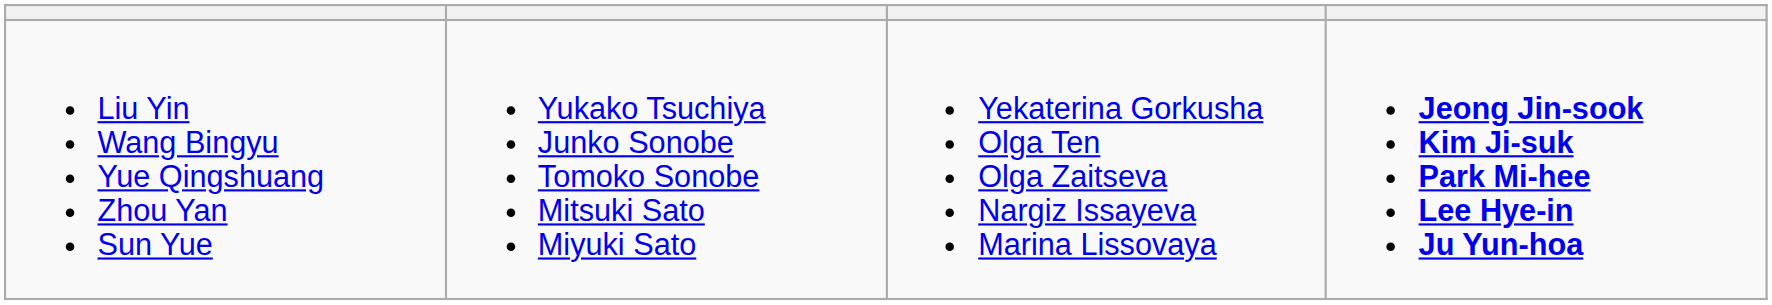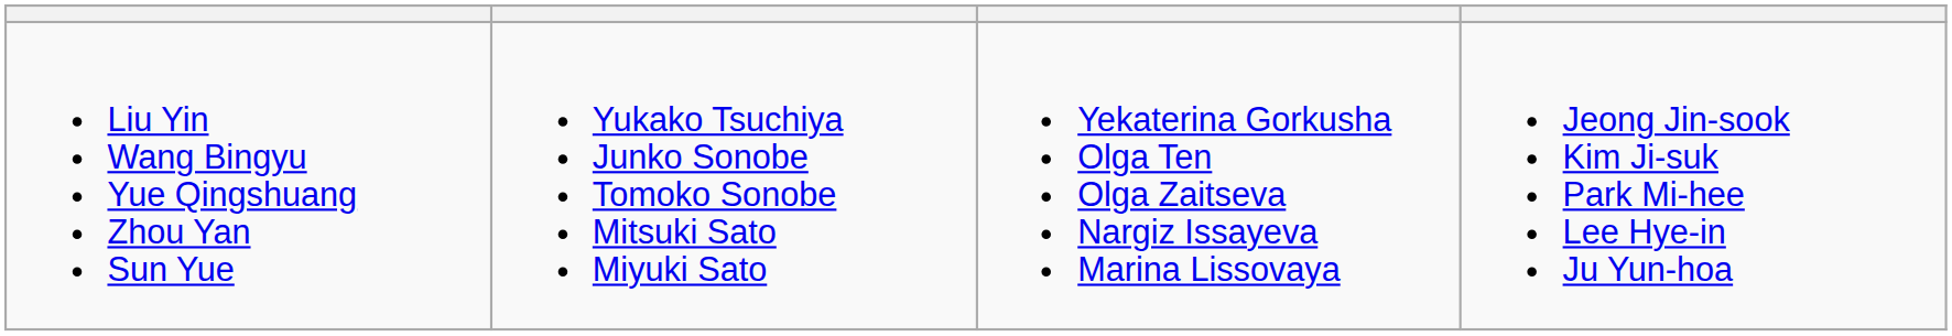 <table class="wikitable" style="font-size:90%">
 <tr>
 <th width=200></th>
 <th width=200></th>
 <th width=200></th>
 <th width=200></th>
 </tr>
 <tr>
 <td valign=top><br><ul><li><a href='#'>Liu Yin</a></li><li><a href='#'>Wang Bingyu</a></li><li><a href='#'>Yue Qingshuang</a></li><li><a href='#'>Zhou Yan</a></li><li><a href='#'>Sun Yue</a></li></ul></td>
 <td valign=top><br><ul><li><a href='#'>Yukako Tsuchiya</a></li><li><a href='#'>Junko Sonobe</a></li><li><a href='#'>Tomoko Sonobe</a></li><li><a href='#'>Mitsuki Sato</a></li><li><a href='#'>Miyuki Sato</a></li></ul></td>
 <td valign=top><br><ul><li><a href='#'>Yekaterina Gorkusha</a></li><li><a href='#'>Olga Ten</a></li><li><a href='#'>Olga Zaitseva</a></li><li><a href='#'>Nargiz Issayeva</a></li><li><a href='#'>Marina Lissovaya</a></li></ul></td>
-<td valign=top><strong><br><ul><li><a href='#'>Jeong Jin-sook</a></li><li><a href='#'>Kim Ji-suk</a></li><li><a href='#'>Park Mi-hee</a></li><li><a href='#'>Lee Hye-in</a></li><li><a href='#'>Ju Yun-hoa</a></li></ul></strong></td>
+<td valign=top><br><ul><li><a href='#'>Jeong Jin-sook</a></li><li><a href='#'>Kim Ji-suk</a></li><li><a href='#'>Park Mi-hee</a></li><li><a href='#'>Lee Hye-in</a></li><li><a href='#'>Ju Yun-hoa</a></li></ul></td>
 </tr>
 </table>
